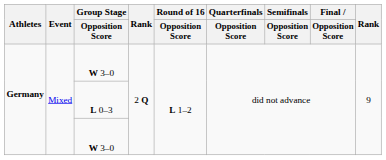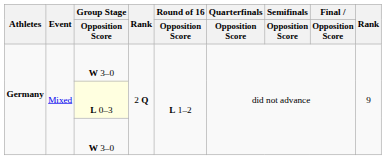 <table class=wikitable style="font-size:90%">
 <tr>
 <th rowspan="2">Athletes</th>
 <th rowspan="2">Event</th>
 <th>Group Stage</th>
 <th rowspan="2">Rank</th>
 <th>Round of 16</th>
 <th>Quarterfinals</th>
 <th>Semifinals</th>
 <th>Final / </th>
 <th rowspan=2>Rank</th>
 </tr>
 <tr style="font-size:95%">
 <th>Opposition<br>Score</th>
 <th>Opposition<br>Score</th>
 <th>Opposition<br>Score</th>
 <th>Opposition<br>Score</th>
 <th>Opposition<br>Score</th>
 </tr>
 <tr align=center>
 <td align=left rowspan=3><strong>Germany</strong><br><br></td>
 <td align=left rowspan=3><a href='#'>Mixed</a></td>
 <td><br><br><strong>W</strong> 3–0</td>
 <td rowspan=3>2 <strong>Q</strong></td>
 <td rowspan=3><br><br><strong>L</strong> 1–2</td>
 <td rowspan=3 colspan=3>did not advance</td>
 <td rowspan=3>9</td>
 </tr>
 <tr align=center>
-<td><br><br><strong>L</strong> 0–3</td>
+<td style="background: lightyellow;"><br><br><strong>L</strong> 0–3</td>
 </tr>
 <tr align=center>
 <td><br><br><strong>W</strong> 3–0</td>
 </tr>
 </table>
